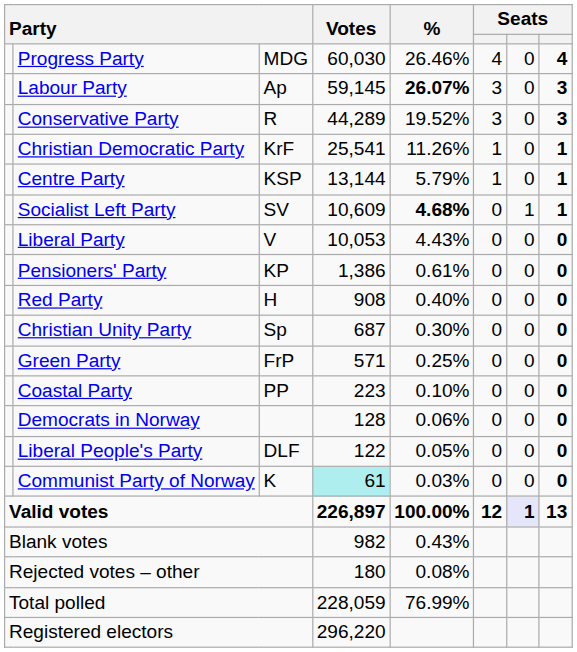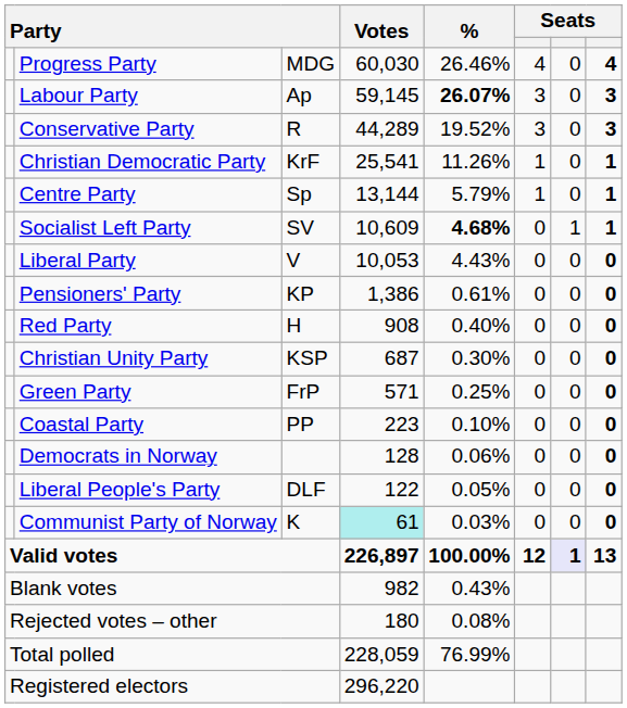 <table class="wikitable" border="1" style="text-align:right;">
 <tr>
 <th style="text-align:left;" valign=bottom rowspan=2 colspan=3>Party</th>
 <th align=center valign=bottom rowspan=2 width="50">Votes</th>
 <th align=center valign=bottom rowspan=2 width="50">%</th>
 <th colspan=3>Seats</th>
 </tr>
 <tr>
 <th align=center valign=bottom width="20"><small></small></th>
 <th align=center valign=bottom width="20"><small><a href='#'></a></small></th>
 <th align=center valign=bottom width="20"><small></small></th>
 </tr>
 <tr>
 <td style="color:inherit;background:"></td>
 <td align=left><a href='#'>Progress Party</a></td>
 <td align=left>MDG</td>
 <td>60,030</td>
 <td>26.46%</td>
 <td>4</td>
 <td>0</td>
 <td><strong>4</strong></td>
 </tr>
 <tr>
 <td style="color:inherit;background:"></td>
 <td align=left><a href='#'>Labour Party</a></td>
 <td align=left>Ap</td>
 <td>59,145</td>
 <td><strong>26.07%</strong></td>
 <td>3</td>
 <td>0</td>
 <td><strong>3</strong></td>
 </tr>
 <tr>
 <td style="color:inherit;background:"></td>
 <td align=left><a href='#'>Conservative Party</a></td>
 <td align=left>R</td>
 <td>44,289</td>
 <td>19.52%</td>
 <td>3</td>
 <td>0</td>
 <td><strong>3</strong></td>
 </tr>
 <tr>
 <td style="color:inherit;background:"></td>
 <td align=left><a href='#'>Christian Democratic Party</a></td>
 <td align=left>KrF</td>
 <td>25,541</td>
 <td>11.26%</td>
 <td>1</td>
 <td>0</td>
 <td><strong>1</strong></td>
 </tr>
 <tr>
 <td style="color:inherit;background:"></td>
 <td align=left><a href='#'>Centre Party</a></td>
-<td align=left>KSP</td>
+<td align=left>Sp</td>
 <td>13,144</td>
 <td>5.79%</td>
 <td>1</td>
 <td>0</td>
 <td><strong>1</strong></td>
 </tr>
 <tr>
 <td style="color:inherit;background:"></td>
 <td align=left><a href='#'>Socialist Left Party</a></td>
 <td align=left>SV</td>
 <td>10,609</td>
 <td><strong>4.68%</strong></td>
 <td>0</td>
 <td>1</td>
 <td><strong>1</strong></td>
 </tr>
 <tr>
 <td style="color:inherit;background:"></td>
 <td align=left><a href='#'>Liberal Party</a></td>
 <td align=left>V</td>
 <td>10,053</td>
 <td>4.43%</td>
 <td>0</td>
 <td>0</td>
 <td><strong>0</strong></td>
 </tr>
 <tr>
 <td style="color:inherit;background:"></td>
 <td align=left><a href='#'>Pensioners' Party</a></td>
 <td align=left>KP</td>
 <td>1,386</td>
 <td>0.61%</td>
 <td>0</td>
 <td>0</td>
 <td><strong>0</strong></td>
 </tr>
 <tr>
 <td style="color:inherit;background:"></td>
 <td align=left><a href='#'>Red Party</a></td>
 <td align=left>H</td>
 <td>908</td>
 <td>0.40%</td>
 <td>0</td>
 <td>0</td>
 <td><strong>0</strong></td>
 </tr>
 <tr>
 <td style="color:inherit;background:"></td>
 <td align=left><a href='#'>Christian Unity Party</a></td>
-<td align=left>Sp</td>
+<td align=left>KSP</td>
 <td>687</td>
 <td>0.30%</td>
 <td>0</td>
 <td>0</td>
 <td><strong>0</strong></td>
 </tr>
 <tr>
 <td style="color:inherit;background:"></td>
 <td align=left><a href='#'>Green Party</a></td>
 <td align=left>FrP</td>
 <td>571</td>
 <td>0.25%</td>
 <td>0</td>
 <td>0</td>
 <td><strong>0</strong></td>
 </tr>
 <tr>
 <td style="color:inherit;background:"></td>
 <td align=left><a href='#'>Coastal Party</a></td>
 <td align=left>PP</td>
 <td>223</td>
 <td>0.10%</td>
 <td>0</td>
 <td>0</td>
 <td><strong>0</strong></td>
 </tr>
 <tr>
 <td style="color:inherit;background:"></td>
 <td align=left><a href='#'>Democrats in Norway</a></td>
 <td align=left></td>
 <td>128</td>
 <td>0.06%</td>
 <td>0</td>
 <td>0</td>
 <td><strong>0</strong></td>
 </tr>
 <tr>
 <td style="color:inherit;background:"></td>
 <td align=left><a href='#'>Liberal People's Party</a></td>
 <td align=left>DLF</td>
 <td>122</td>
 <td>0.05%</td>
 <td>0</td>
 <td>0</td>
 <td><strong>0</strong></td>
 </tr>
 <tr>
 <td style="color:inherit;background:"></td>
 <td align=left><a href='#'>Communist Party of Norway</a></td>
 <td align=left>K</td>
 <td style="background: paleturquoise;">61</td>
 <td>0.03%</td>
 <td>0</td>
 <td>0</td>
 <td><strong>0</strong></td>
 </tr>
 <tr style="font-weight:bold">
 <td align=left colspan=3>Valid votes</td>
 <td>226,897</td>
 <td>100.00%</td>
 <td>12</td>
 <td style="background: lavender;">1</td>
 <td>13</td>
 </tr>
 <tr>
 <td align=left colspan=3>Blank votes</td>
 <td>982</td>
 <td>0.43%</td>
 <td></td>
 <td></td>
 <td></td>
 </tr>
 <tr>
 <td align=left colspan=3>Rejected votes – other</td>
 <td>180</td>
 <td>0.08%</td>
 <td></td>
 <td></td>
 <td></td>
 </tr>
 <tr>
 <td align=left colspan=3>Total polled</td>
 <td>228,059</td>
 <td>76.99%</td>
 <td></td>
 <td></td>
 <td></td>
 </tr>
 <tr>
 <td align=left colspan=3>Registered electors</td>
 <td>296,220</td>
 <td></td>
 <td></td>
 <td></td>
 <td></td>
 </tr>
 </table>
